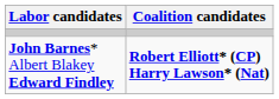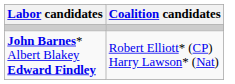 <table class="wikitable">
 <tr>
 <th><a href='#'>Labor</a> candidates</th>
 <th><a href='#'>Coalition</a> candidates</th>
 </tr>
 <tr bgcolor="#cccccc">
 <td></td>
 <td></td>
 </tr>
 <tr>
 <td><strong><a href='#'>John Barnes</a></strong>*<br><a href='#'>Albert Blakey</a><br><strong><a href='#'>Edward Findley</a></strong></td>
-<td><strong><a href='#'>Robert Elliott</a>* (<a href='#'>CP</a>)<br><a href='#'>Harry Lawson</a>* (<a href='#'>Nat</a>)</strong></td>
+<td><a href='#'>Robert Elliott</a>* (<a href='#'>CP</a>)<br><a href='#'>Harry Lawson</a>* (<a href='#'>Nat</a>)</td>
 </tr>
 </table>
